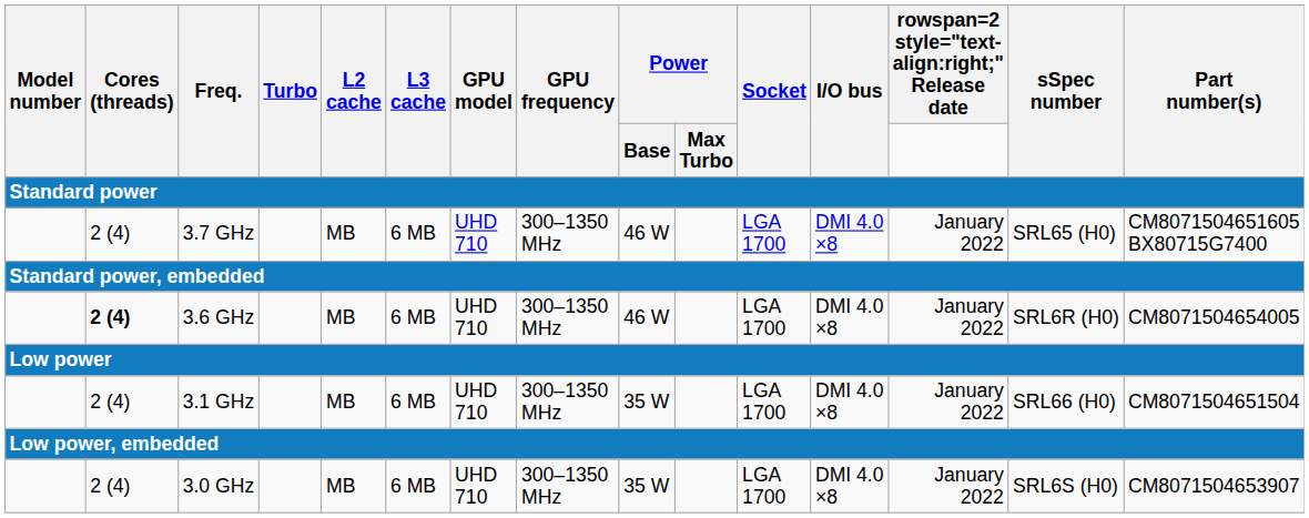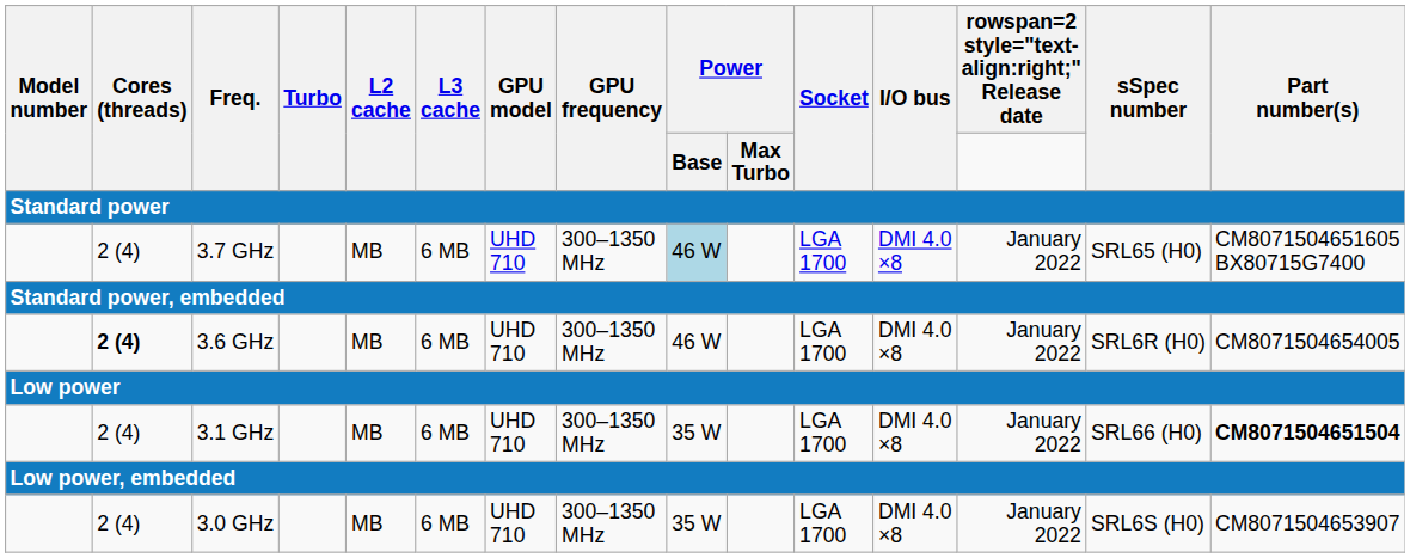 <table class="wikitable">
 <tr>
 <th rowspan=2>Model<br>number</th>
 <th rowspan=2>Cores<br>(threads)</th>
 <th rowspan=2>Freq.</th>
 <th rowspan=2><a href='#'>Turbo</a></th>
 <th rowspan=2><a href='#'>L2<br>cache</a></th>
 <th rowspan=2><a href='#'>L3<br>cache</a></th>
 <th rowspan=2>GPU<br>model</th>
 <th rowspan=2>GPU<br>frequency</th>
 <th colspan=2><a href='#'>Power</a></th>
 <th rowspan=2><a href='#'>Socket</a></th>
 <th rowspan=2>I/O bus</th>
 <th>rowspan=2 style="text-align:right;"  Release date</th>
 <th rowspan=2>sSpec<br>number</th>
 <th rowspan=2>Part<br>number(s)</th>
 </tr>
 <tr>
 <th>Base</th>
 <th>Max<br>Turbo</th>
 </tr>
 <tr>
 <td align="left" colspan=20 style="background:#127cc1;color: white"><strong>Standard power</strong></td>
 </tr>
 <tr>
 <td></td>
 <td>2 (4)</td>
 <td>3.7 GHz</td>
 <td></td>
 <td> MB</td>
 <td>6 MB</td>
 <td><a href='#'>UHD 710</a></td>
 <td>300–1350 MHz</td>
-<td>46 W</td>
+<td style="background: lightblue;">46 W</td>
 <td></td>
 <td><a href='#'>LGA 1700</a></td>
 <td><a href='#'>DMI 4.0 ×8</a></td>
 <td style="text-align:right;">January 2022</td>
 <td>SRL65 (H0)</td>
 <td>CM8071504651605<br>BX80715G7400</td>
 </tr>
 <tr>
 <td align="left" colspan=20 style="background:#127cc1;color: white"><strong>Standard power, embedded</strong></td>
 </tr>
 <tr>
 <td></td>
 <td><strong>2 (4)</strong></td>
 <td>3.6 GHz</td>
 <td></td>
 <td> MB</td>
 <td>6 MB</td>
 <td>UHD 710</td>
 <td>300–1350 MHz</td>
 <td>46 W</td>
 <td></td>
 <td>LGA 1700</td>
 <td>DMI 4.0 ×8</td>
 <td style="text-align:right;">January 2022</td>
 <td>SRL6R (H0)</td>
 <td>CM8071504654005</td>
 </tr>
 <tr>
 <td align="left" colspan=20 style="background:#127cc1;color: white"><strong>Low power</strong></td>
 </tr>
 <tr>
 <td></td>
 <td>2 (4)</td>
 <td>3.1 GHz</td>
 <td></td>
 <td> MB</td>
 <td>6 MB</td>
 <td>UHD 710</td>
 <td>300–1350 MHz</td>
 <td>35 W</td>
 <td></td>
 <td>LGA 1700</td>
 <td>DMI 4.0 ×8</td>
 <td style="text-align:right;">January 2022</td>
 <td>SRL66 (H0)</td>
-<td>CM8071504651504</td>
+<td><strong>CM8071504651504</strong></td>
 </tr>
 <tr>
 <td align="left" colspan=20 style="background:#127cc1;color: white"><strong>Low power, embedded</strong></td>
 </tr>
 <tr>
 <td></td>
 <td>2 (4)</td>
 <td>3.0 GHz</td>
 <td></td>
 <td> MB</td>
 <td>6 MB</td>
 <td>UHD 710</td>
 <td>300–1350 MHz</td>
 <td>35 W</td>
 <td></td>
 <td>LGA 1700</td>
 <td>DMI 4.0 ×8</td>
 <td style="text-align:right;">January 2022</td>
 <td>SRL6S (H0)</td>
 <td>CM8071504653907</td>
 </tr>
 </table>
